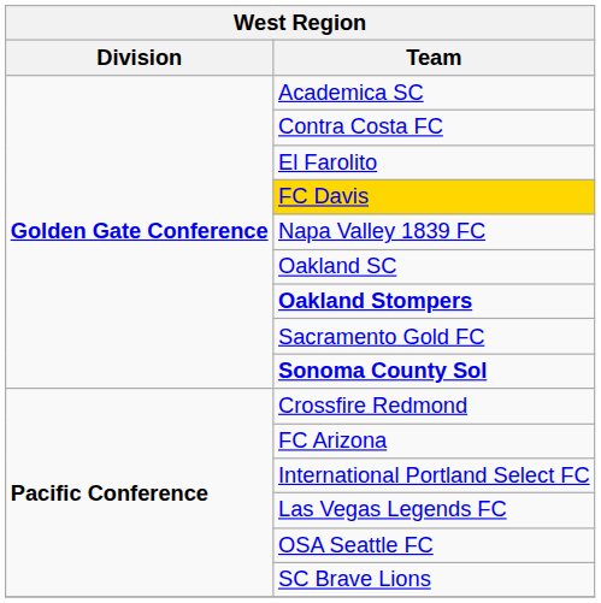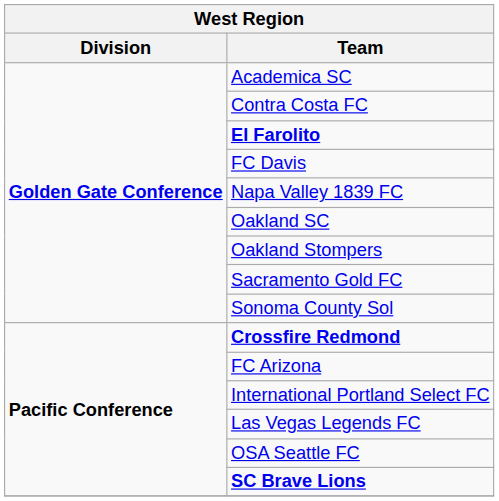 <table class="wikitable" style="text-align:left">
 <tr>
 <th colspan=2>West Region</th>
 </tr>
 <tr>
 <th>Division</th>
 <th>Team</th>
 </tr>
 <tr>
 <td rowspan=9><strong><a href='#'>Golden Gate Conference</a></strong></td>
 <td><a href='#'>Academica SC</a></td>
 </tr>
 <tr>
 <td><a href='#'>Contra Costa FC</a></td>
 </tr>
 <tr>
-<td><a href='#'>El Farolito</a></td>
+<td><strong><a href='#'>El Farolito</a></strong></td>
 </tr>
 <tr>
-<td style="background: gold;"><a href='#'>FC Davis</a></td>
+<td><a href='#'>FC Davis</a></td>
 </tr>
 <tr>
 <td><a href='#'>Napa Valley 1839 FC</a></td>
 </tr>
 <tr>
 <td><a href='#'>Oakland SC</a></td>
 </tr>
 <tr>
-<td><strong><a href='#'>Oakland Stompers</a></strong></td>
+<td><a href='#'>Oakland Stompers</a></td>
 </tr>
 <tr>
 <td><a href='#'>Sacramento Gold FC</a></td>
 </tr>
 <tr>
-<td><strong><a href='#'>Sonoma County Sol</a></strong></td>
+<td><a href='#'>Sonoma County Sol</a></td>
 </tr>
 <tr>
 <td rowspan=6><strong>Pacific Conference</strong></td>
-<td><a href='#'>Crossfire Redmond</a></td>
+<td><strong><a href='#'>Crossfire Redmond</a></strong></td>
 </tr>
 <tr>
 <td><a href='#'>FC Arizona</a></td>
 </tr>
 <tr>
 <td><a href='#'>International Portland Select FC</a></td>
 </tr>
 <tr>
 <td><a href='#'>Las Vegas Legends FC</a></td>
 </tr>
 <tr>
 <td><a href='#'>OSA Seattle FC</a></td>
 </tr>
 <tr>
-<td><a href='#'>SC Brave Lions</a></td>
+<td><strong><a href='#'>SC Brave Lions</a></strong></td>
 </tr>
 <tr>
 </tr>
 </table>
